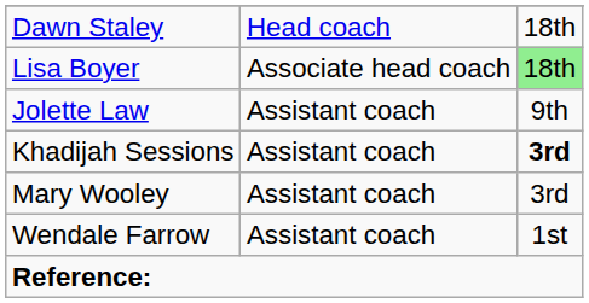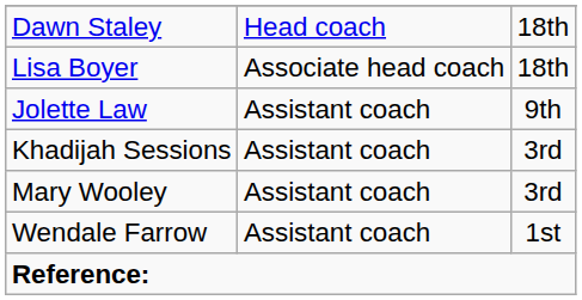 <table class="wikitable" style="font-size:93%;">
 <tr>
 </tr>
 <tr>
 </tr>
 <tr>
 <td><a href='#'>Dawn Staley</a></td>
 <td><a href='#'>Head coach</a></td>
 <td align=center>18th</td>
 </tr>
 <tr>
 <td><a href='#'>Lisa Boyer</a></td>
 <td>Associate head coach</td>
-<td align=center style="background: lightgreen;">18th</td>
+<td align=center>18th</td>
 </tr>
 <tr>
 <td><a href='#'>Jolette Law</a></td>
 <td>Assistant coach</td>
 <td align=center>9th</td>
 </tr>
 <tr>
 <td>Khadijah Sessions</td>
 <td>Assistant coach</td>
-<td align=center><strong>3rd</strong></td>
+<td align=center>3rd</td>
 </tr>
 <tr>
 <td>Mary Wooley</td>
 <td>Assistant coach</td>
 <td align=center>3rd</td>
 </tr>
 <tr>
 <td>Wendale Farrow</td>
 <td>Assistant coach</td>
 <td align=center>1st</td>
 </tr>
 <tr>
 <td colspan=4><strong>Reference:</strong></td>
 </tr>
 </table>
